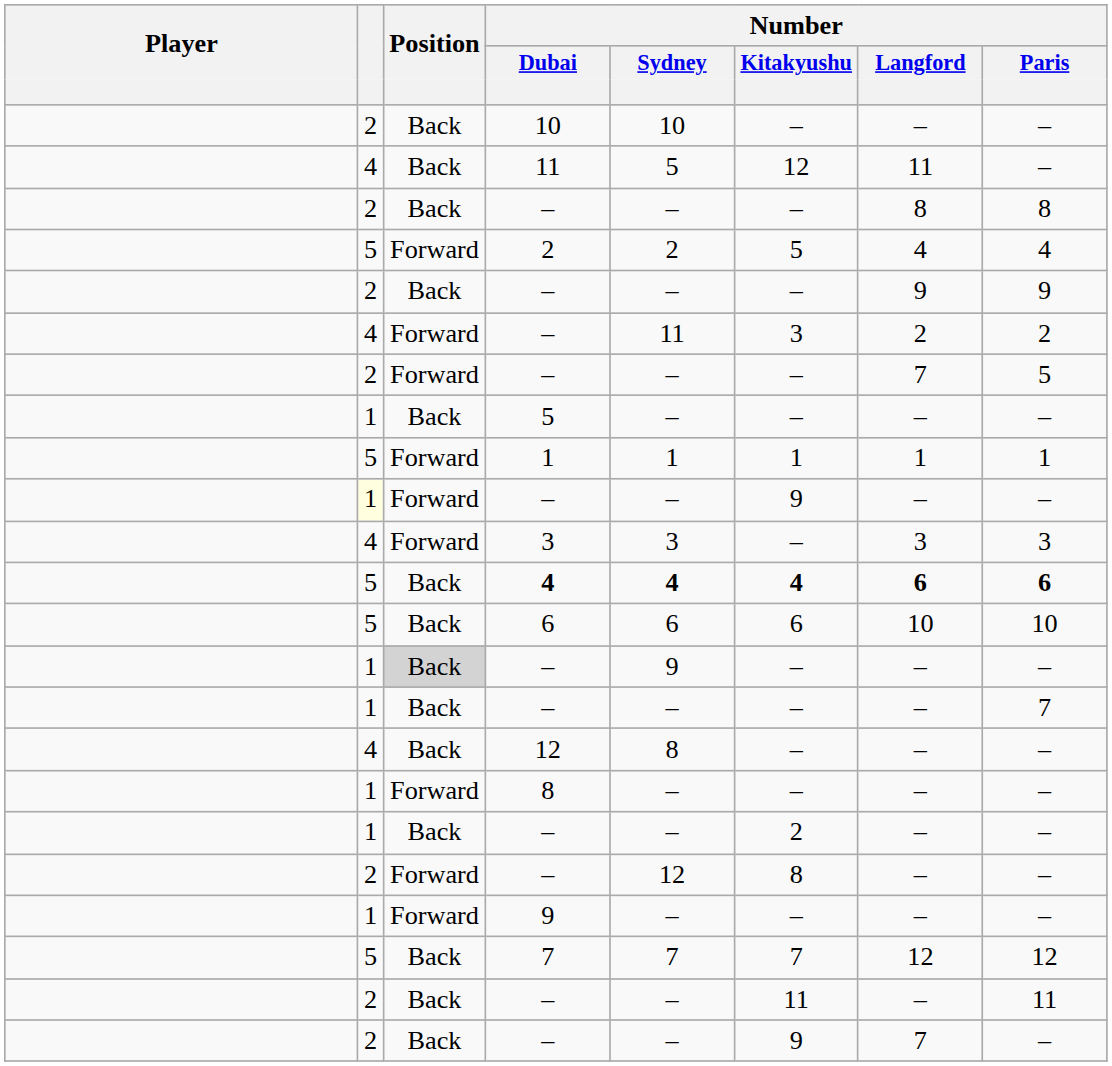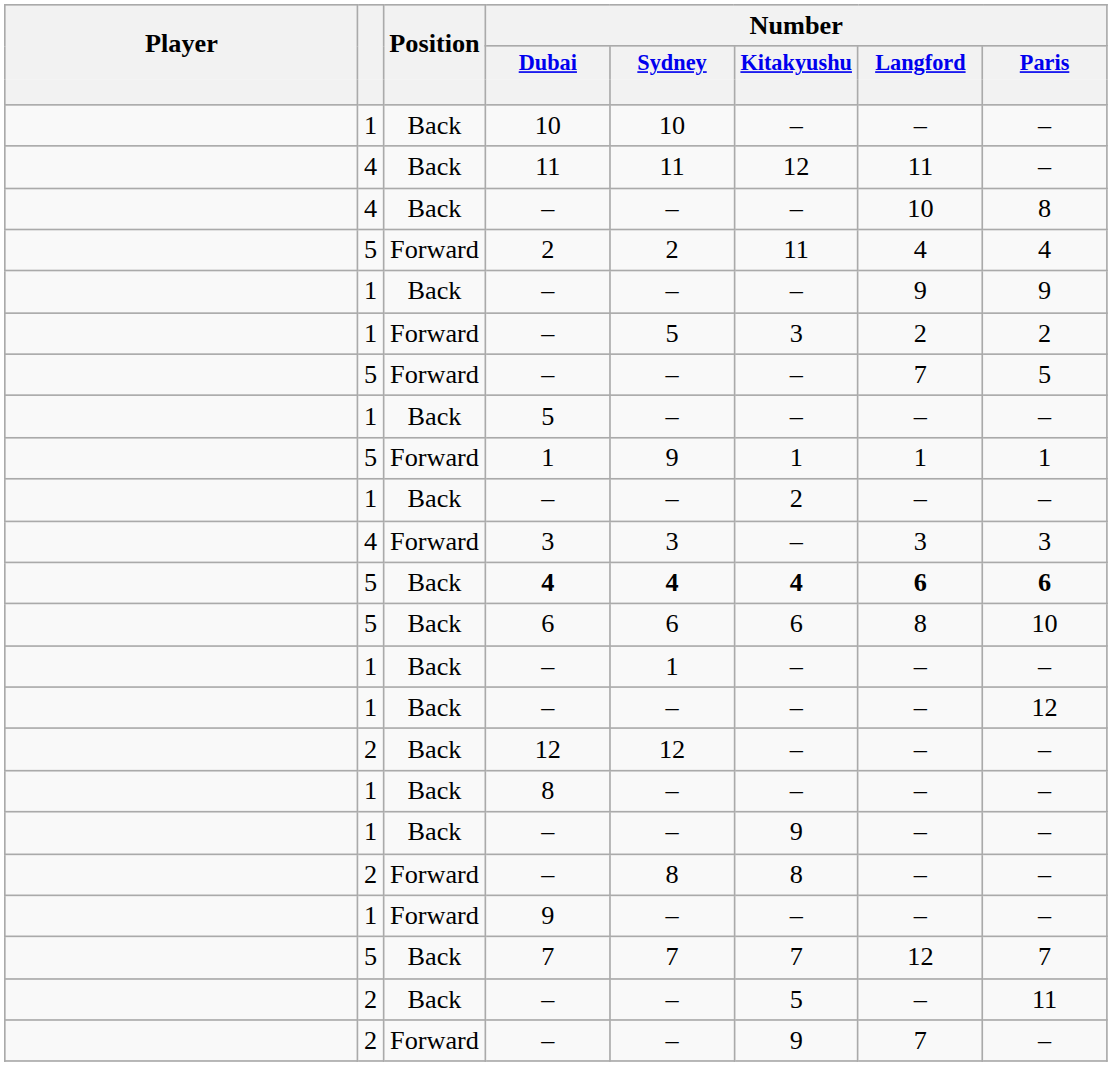 <table class="wikitable sortable" style="text-align:center;">
 <tr>
 <th rowspan="2" style="border-bottom:0; width:13em;">Player</th>
 <th rowspan="2" style="border-bottom:0;"></th>
 <th rowspan="2" style="border-bottom:0;">Position</th>
 <th colspan=5>Number</th>
 </tr>
 <tr>
 <th style="vertical-align:top; width:5.2em; border-bottom:0; padding:2px; font-size:85%;"><a href='#'>Dubai</a></th>
 <th style="vertical-align:top; width:5.2em; border-bottom:0; padding:2px; font-size:85%;"><a href='#'>Sydney</a></th>
 <th style="vertical-align:top; width:5.2em; border-bottom:0; padding:2px; font-size:85%;"><a href='#'>Kitakyushu</a></th>
 <th style="vertical-align:top; width:5.2em; border-bottom:0; padding:2px; font-size:85%;"><a href='#'>Langford</a></th>
 <th style="vertical-align:top; width:5.2em; border-bottom:0; padding:2px; font-size:85%;"><a href='#'>Paris</a></th>
 </tr>
 <tr style="line-height:8px;">
 <th style="border-top:0;"> </th>
 <th style="border-top:0;"></th>
 <th style="border-top:0;"></th>
 <th data-sort-type="number" style="border-top:0;"></th>
 <th data-sort-type="number" style="border-top:0;"></th>
 <th data-sort-type="number" style="border-top:0;"></th>
 <th data-sort-type="number" style="border-top:0;"></th>
 <th data-sort-type="number" style="border-top:0;"></th>
 </tr>
 <tr>
 <td align=left></td>
-<td>2</td>
+<td>1</td>
 <td>Back</td>
 <td>10</td>
 <td>10</td>
 <td>–</td>
 <td>–</td>
 <td>–</td>
 </tr>
 <tr>
 <td align=left></td>
 <td>4</td>
 <td>Back</td>
 <td>11</td>
-<td>5</td>
+<td>11</td>
 <td>12</td>
 <td>11</td>
 <td>–</td>
 </tr>
 <tr>
 <td align=left></td>
-<td>2</td>
+<td>4</td>
 <td>Back</td>
 <td>–</td>
 <td>–</td>
 <td>–</td>
-<td>8</td>
+<td>10</td>
 <td>8</td>
 </tr>
 <tr>
 <td align=left></td>
 <td>5</td>
 <td>Forward</td>
 <td>2</td>
 <td>2</td>
-<td>5</td>
+<td>11</td>
 <td>4</td>
 <td>4</td>
 </tr>
 <tr>
 <td align=left></td>
-<td>2</td>
+<td>1</td>
 <td>Back</td>
 <td>–</td>
 <td>–</td>
 <td>–</td>
 <td>9</td>
 <td>9</td>
 </tr>
 <tr>
 <td align=left></td>
-<td>4</td>
+<td>1</td>
 <td>Forward</td>
 <td>–</td>
-<td>11</td>
+<td>5</td>
 <td>3</td>
 <td>2</td>
 <td>2</td>
 </tr>
 <tr>
 <td align=left></td>
-<td>2</td>
+<td>5</td>
 <td>Forward</td>
 <td>–</td>
 <td>–</td>
 <td>–</td>
 <td>7</td>
 <td>5</td>
 </tr>
 <tr>
 <td align=left></td>
 <td>1</td>
 <td>Back</td>
 <td>5</td>
 <td>–</td>
 <td>–</td>
 <td>–</td>
 <td>–</td>
 </tr>
 <tr>
 <td align=left></td>
 <td>5</td>
 <td>Forward</td>
 <td>1</td>
-<td>1</td>
+<td>9</td>
 <td>1</td>
 <td>1</td>
 <td>1</td>
 </tr>
 <tr>
 <td align=left></td>
-<td style="background: lightyellow;">1</td>
-<td>Forward</td>
+<td>1</td>
+<td>Back</td>
 <td>–</td>
 <td>–</td>
-<td>9</td>
+<td>2</td>
 <td>–</td>
 <td>–</td>
 </tr>
 <tr>
 <td align=left></td>
 <td>4</td>
 <td>Forward</td>
 <td>3</td>
 <td>3</td>
 <td>–</td>
 <td>3</td>
 <td>3</td>
 </tr>
 <tr>
 <td align=left></td>
 <td>5</td>
 <td>Back</td>
 <td><strong>4</strong></td>
 <td><strong>4</strong></td>
 <td><strong>4</strong></td>
 <td><strong>6</strong></td>
 <td><strong>6</strong></td>
 </tr>
 <tr>
 <td align=left></td>
 <td>5</td>
 <td>Back</td>
 <td>6</td>
 <td>6</td>
 <td>6</td>
-<td>10</td>
+<td>8</td>
 <td>10</td>
 </tr>
 <tr>
 <td align=left></td>
 <td>1</td>
-<td style="background: lightgrey;">Back</td>
+<td>Back</td>
 <td>–</td>
-<td>9</td>
+<td>1</td>
 <td>–</td>
 <td>–</td>
 <td>–</td>
 </tr>
 <tr>
 <td align=left></td>
 <td>1</td>
 <td>Back</td>
 <td>–</td>
 <td>–</td>
 <td>–</td>
 <td>–</td>
-<td>7</td>
+<td>12</td>
 </tr>
 <tr>
 <td align=left></td>
-<td>4</td>
+<td>2</td>
 <td>Back</td>
 <td>12</td>
-<td>8</td>
+<td>12</td>
 <td>–</td>
 <td>–</td>
 <td>–</td>
 </tr>
 <tr>
 <td align=left></td>
 <td>1</td>
-<td>Forward</td>
+<td>Back</td>
 <td>8</td>
 <td>–</td>
 <td>–</td>
 <td>–</td>
 <td>–</td>
 </tr>
 <tr>
 <td align=left></td>
 <td>1</td>
 <td>Back</td>
 <td>–</td>
 <td>–</td>
-<td>2</td>
+<td>9</td>
 <td>–</td>
 <td>–</td>
 </tr>
 <tr>
 <td align=left></td>
 <td>2</td>
 <td>Forward</td>
 <td>–</td>
-<td>12</td>
+<td>8</td>
 <td>8</td>
 <td>–</td>
 <td>–</td>
 </tr>
 <tr>
 <td align=left></td>
 <td>1</td>
 <td>Forward</td>
 <td>9</td>
 <td>–</td>
 <td>–</td>
 <td>–</td>
 <td>–</td>
 </tr>
 <tr>
 <td align=left></td>
 <td>5</td>
 <td>Back</td>
 <td>7</td>
 <td>7</td>
 <td>7</td>
 <td>12</td>
-<td>12</td>
+<td>7</td>
 </tr>
 <tr>
 <td align=left></td>
 <td>2</td>
 <td>Back</td>
 <td>–</td>
 <td>–</td>
-<td>11</td>
+<td>5</td>
 <td>–</td>
 <td>11</td>
 </tr>
 <tr>
 <td align=left></td>
 <td>2</td>
-<td>Back</td>
+<td>Forward</td>
 <td>–</td>
 <td>–</td>
 <td>9</td>
 <td>7</td>
 <td>–</td>
 </tr>
 </table>
